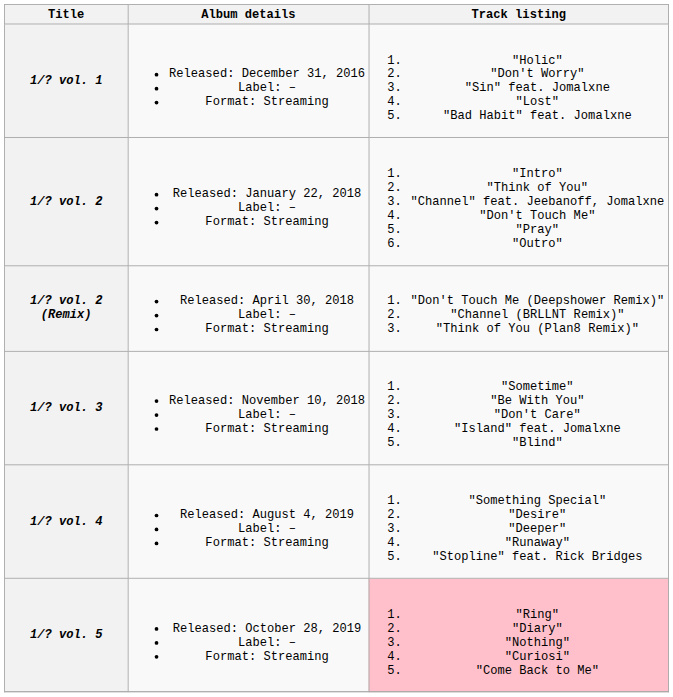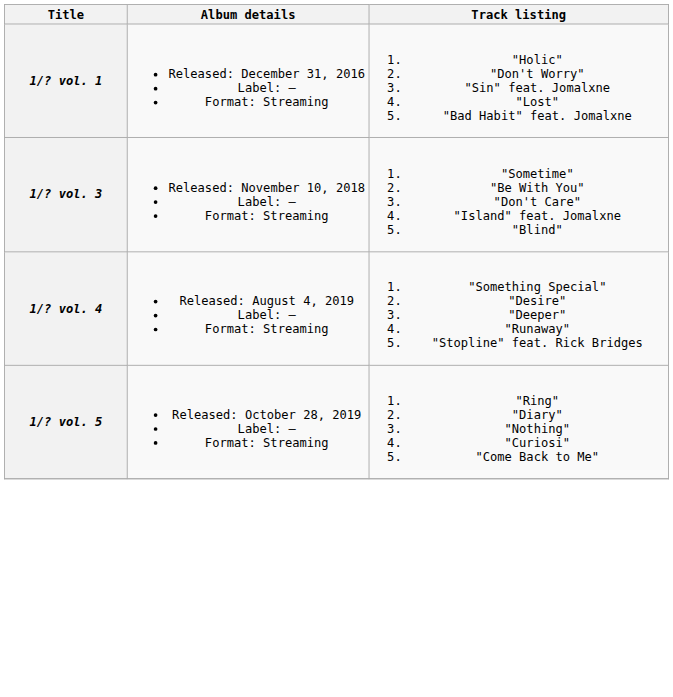 <table class="wikitable plainrowheaders" style="text-align:center; width:55em">
 <tr>
 <th style="width:10em;">Title</th>
 <th style="width:20em;">Album details</th>
 <th style="width:25em;">Track listing</th>
 </tr>
 <tr>
 <th scope=row><em>1/? vol. 1</em></th>
 <td><br><ul><li>Released: December 31, 2016</li><li>Label: –</li><li>Format: Streaming</li></ul></td>
 <td><br><ol><li>"Holic"</li><li>"Don't Worry"</li><li>"Sin" feat. Jomalxne</li><li>"Lost"</li><li>"Bad Habit" feat. Jomalxne</li></ol></td>
-</tr>
-<tr>
-<th scope=row><em>1/? vol. 2</em></th>
-<td><br><ul><li>Released: January 22, 2018</li><li>Label: –</li><li>Format: Streaming</li></ul></td>
-<td><br><ol><li>"Intro"</li><li>"Think of You"</li><li>"Channel" feat. Jeebanoff, Jomalxne</li><li>"Don't Touch Me"</li><li>"Pray"</li><li>"Outro"</li></ol></td>
-</tr>
-<tr>
-<th scope=row><em>1/? vol. 2 (Remix)</em></th>
-<td><br><ul><li>Released: April 30, 2018</li><li>Label: –</li><li>Format: Streaming</li></ul></td>
-<td><br><ol><li>"Don't Touch Me (Deepshower Remix)"</li><li>"Channel (BRLLNT Remix)"</li><li>"Think of You (Plan8 Remix)"</li></ol></td>
 </tr>
 <tr>
 <th scope=row><em>1/? vol. 3</em></th>
 <td><br><ul><li>Released: November 10, 2018</li><li>Label: –</li><li>Format: Streaming</li></ul></td>
 <td><br><ol><li>"Sometime"</li><li>"Be With You"</li><li>"Don't Care"</li><li>"Island" feat. Jomalxne</li><li>"Blind"</li></ol></td>
 </tr>
 <tr>
 <th scope=row><em>1/? vol. 4</em></th>
 <td><br><ul><li>Released: August 4, 2019</li><li>Label: –</li><li>Format: Streaming</li></ul></td>
 <td><br><ol><li>"Something Special"</li><li>"Desire"</li><li>"Deeper"</li><li>"Runaway"</li><li>"Stopline" feat. Rick Bridges</li></ol></td>
 </tr>
 <tr>
 <th scope=row><em>1/? vol. 5</em></th>
 <td><br><ul><li>Released: October 28, 2019</li><li>Label: –</li><li>Format: Streaming</li></ul></td>
-<td style="background: pink;"><br><ol><li>"Ring"</li><li>"Diary"</li><li>"Nothing"</li><li>"Curiosi"</li><li>"Come Back to Me"</li></ol></td>
+<td><br><ol><li>"Ring"</li><li>"Diary"</li><li>"Nothing"</li><li>"Curiosi"</li><li>"Come Back to Me"</li></ol></td>
 </tr>
 <tr>
 </tr>
 </table>
